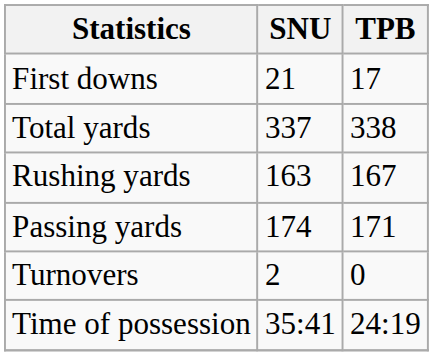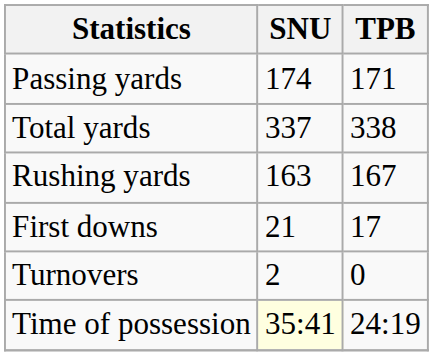 <table class="wikitable" style="float: left;">
 <tr>
 <th>Statistics</th>
 <th>SNU</th>
 <th>TPB</th>
 </tr>
 <tr>
-<td>First downs</td>
-<td>21</td>
-<td>17</td>
+<td>Passing yards</td>
+<td>174</td>
+<td>171</td>
 </tr>
 <tr>
 <td>Total yards</td>
 <td>337</td>
 <td>338</td>
 </tr>
 <tr>
 <td>Rushing yards</td>
 <td>163</td>
 <td>167</td>
 </tr>
 <tr>
-<td>Passing yards</td>
-<td>174</td>
-<td>171</td>
+<td>First downs</td>
+<td>21</td>
+<td>17</td>
 </tr>
 <tr>
 <td>Turnovers</td>
 <td>2</td>
 <td>0</td>
 </tr>
 <tr>
 <td>Time of possession</td>
-<td>35:41</td>
+<td style="background: lightyellow;">35:41</td>
 <td>24:19</td>
 </tr>
 <tr>
 </tr>
 </table>
